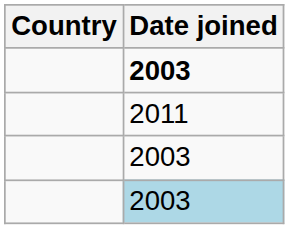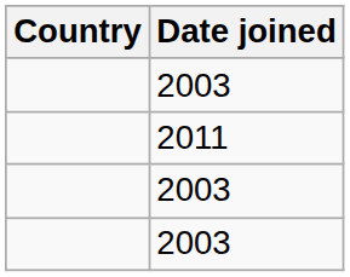 <table class="wikitable">
 <tr>
 <th>Country</th>
 <th>Date joined</th>
 </tr>
 <tr>
 <td></td>
-<td><strong>2003</strong></td>
+<td>2003</td>
 </tr>
 <tr>
 <td></td>
 <td>2011</td>
 </tr>
 <tr>
 <td></td>
 <td>2003</td>
 </tr>
 <tr>
 <td></td>
-<td style="background: lightblue;">2003</td>
+<td>2003</td>
 </tr>
 </table>
